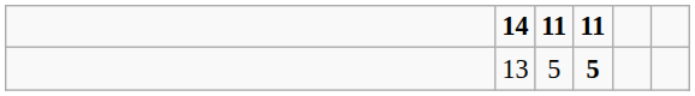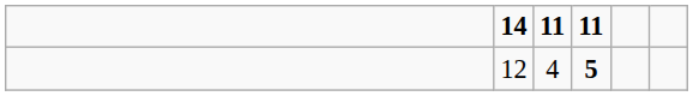 <table class="wikitable">
 <tr>
 <td style="width:18em"></td>
 <td align=center style="width:1em"><strong>14</strong></td>
 <td align=center style="width:1em"><strong>11</strong></td>
 <td align=center style="width:1em"><strong>11</strong></td>
 <td align=center style="width:1em"></td>
 <td align=center style="width:1em"></td>
 </tr>
 <tr>
 <td style="width:18em"></td>
-<td align=center style="width:1em">13</td>
-<td align=center style="width:1em">5</td>
+<td align=center style="width:1em">12</td>
+<td align=center style="width:1em">4</td>
 <td align=center style="width:1em"><strong>5</strong></td>
 <td align=center style="width:1em"></td>
 <td align=center style="width:1em"></td>
 </tr>
 </table>
